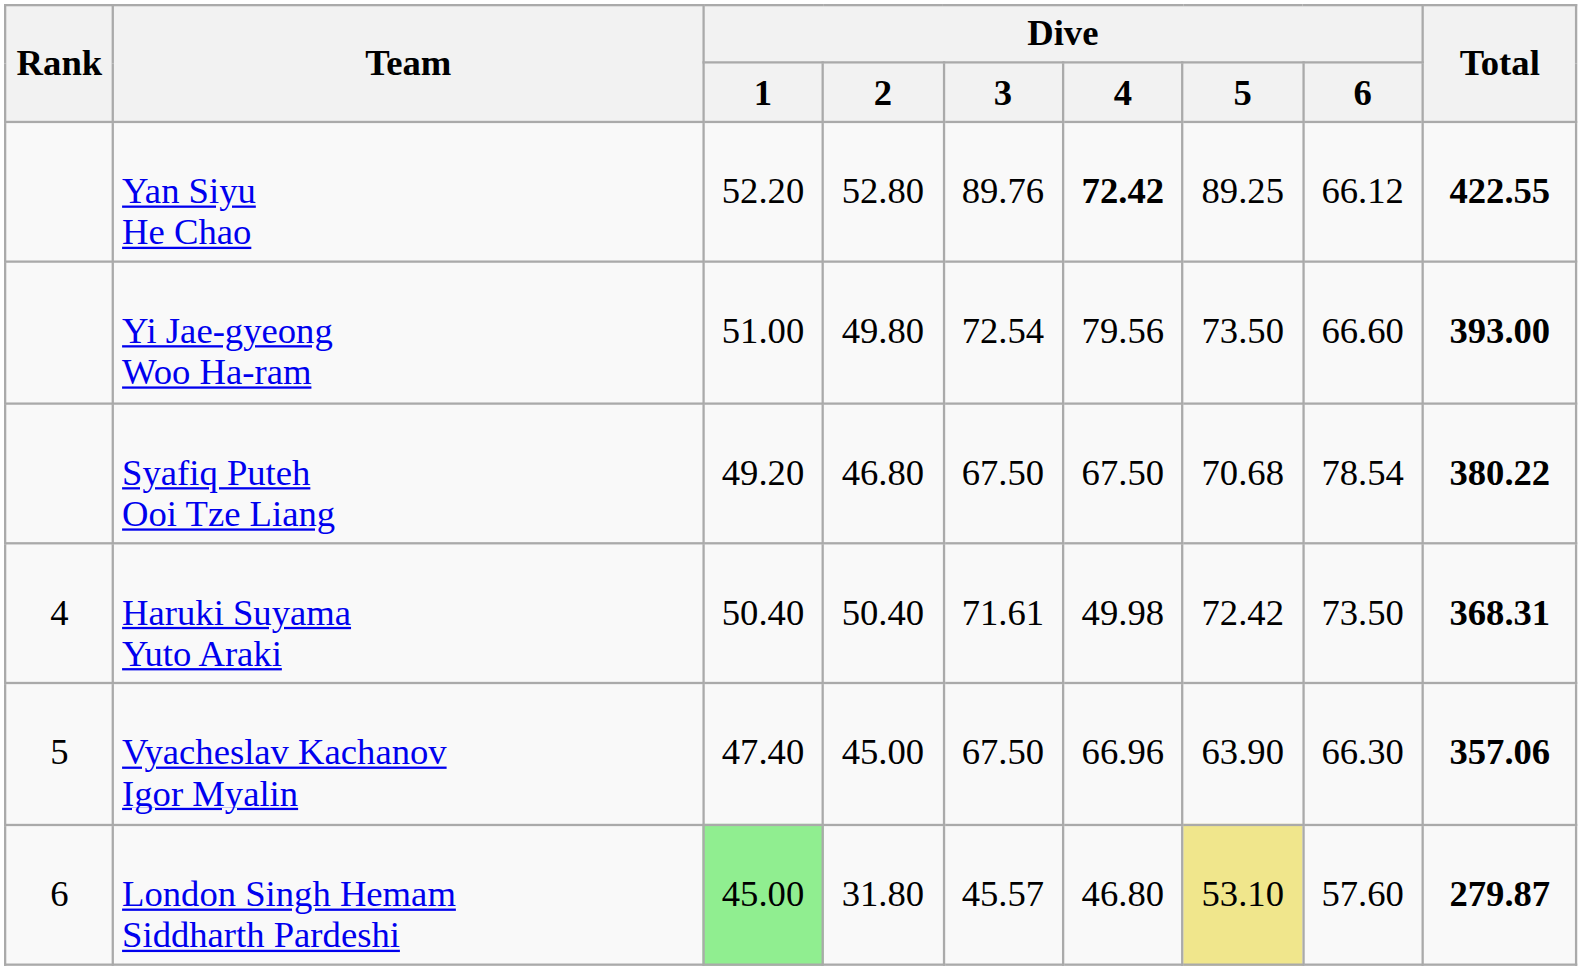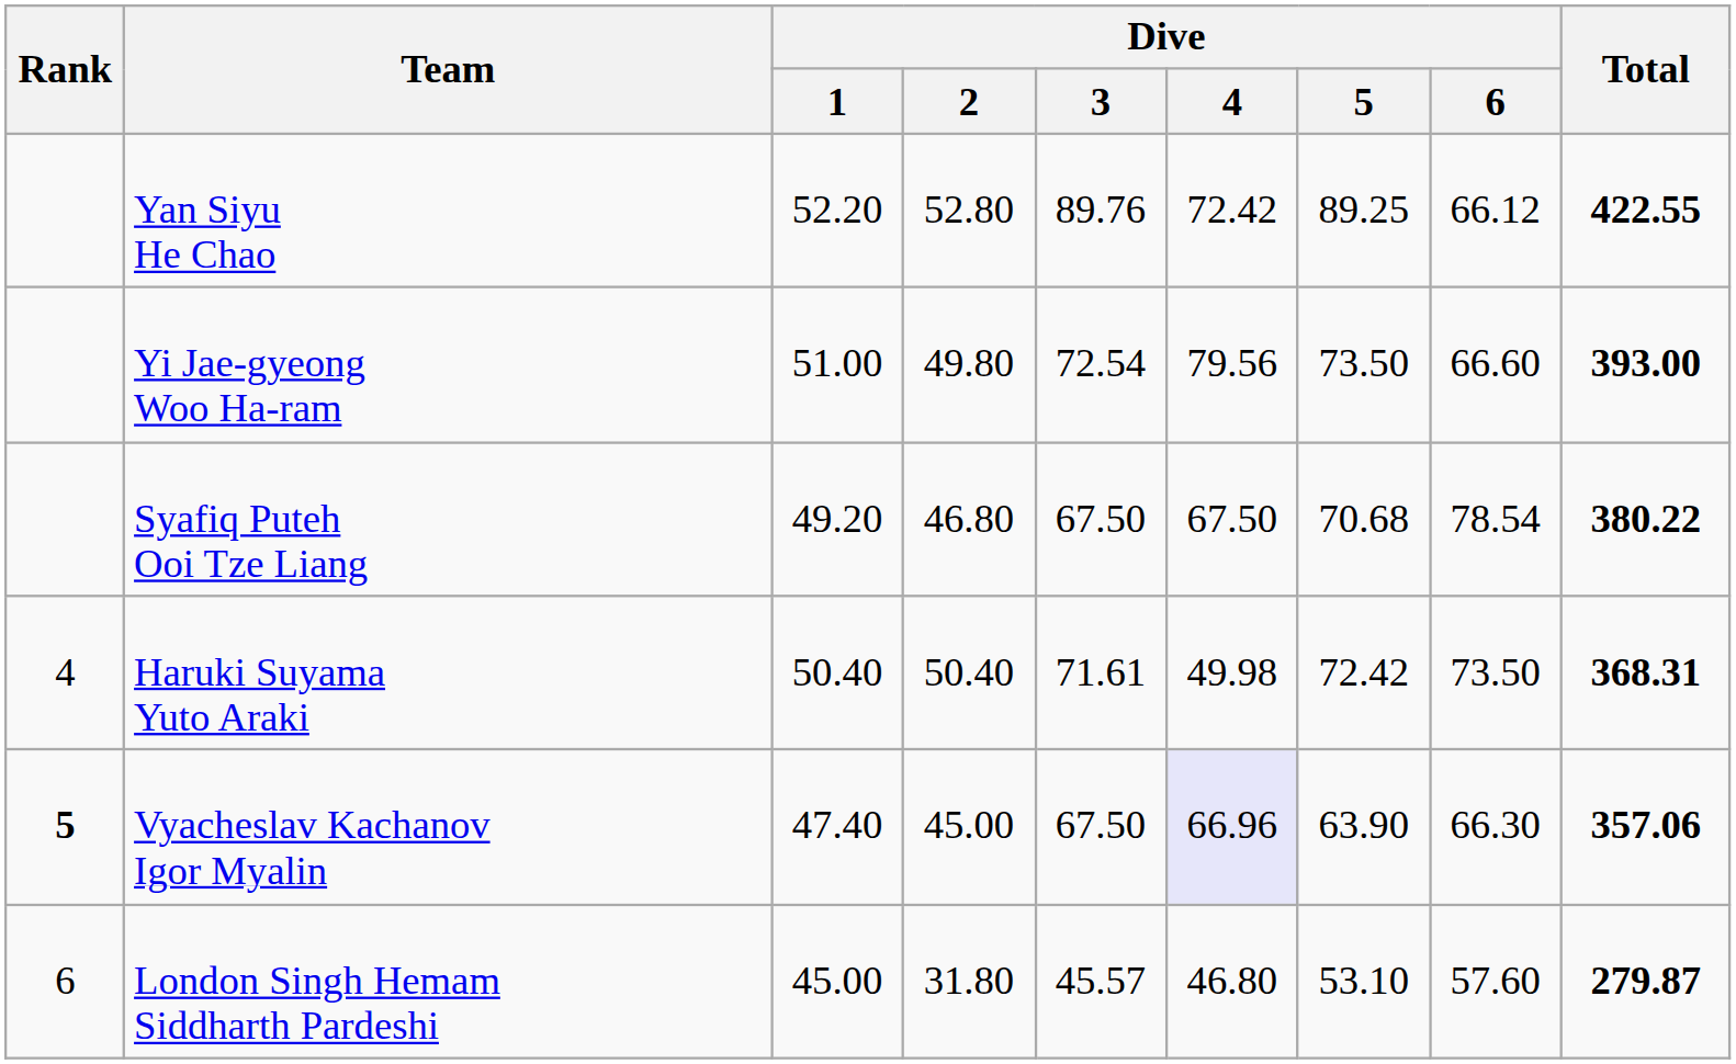 <table class=wikitable style="text-align:center">
 <tr>
 <th rowspan="2" width=40>Rank</th>
 <th rowspan="2" width=250>Team</th>
 <th colspan="6">Dive</th>
 <th rowspan="2" width=60>Total</th>
 </tr>
 <tr>
 <th width=45>1</th>
 <th width=45>2</th>
 <th width=45>3</th>
 <th width=45>4</th>
 <th width=45>5</th>
 <th width=45>6</th>
 </tr>
 <tr>
 <td></td>
 <td align=left><br><a href='#'>Yan Siyu</a><br><a href='#'>He Chao</a></td>
 <td>52.20</td>
 <td>52.80</td>
 <td>89.76</td>
-<td><strong>72.42</strong></td>
+<td>72.42</td>
 <td>89.25</td>
 <td>66.12</td>
 <td><strong>422.55</strong></td>
 </tr>
 <tr>
 <td></td>
 <td align=left><br><a href='#'>Yi Jae-gyeong</a><br><a href='#'>Woo Ha-ram</a></td>
 <td>51.00</td>
 <td>49.80</td>
 <td>72.54</td>
 <td>79.56</td>
 <td>73.50</td>
 <td>66.60</td>
 <td><strong>393.00</strong></td>
 </tr>
 <tr>
 <td></td>
 <td align=left><br><a href='#'>Syafiq Puteh</a><br><a href='#'>Ooi Tze Liang</a></td>
 <td>49.20</td>
 <td>46.80</td>
 <td>67.50</td>
 <td>67.50</td>
 <td>70.68</td>
 <td>78.54</td>
 <td><strong>380.22</strong></td>
 </tr>
 <tr>
 <td>4</td>
 <td align=left><br><a href='#'>Haruki Suyama</a><br><a href='#'>Yuto Araki</a></td>
 <td>50.40</td>
 <td>50.40</td>
 <td>71.61</td>
 <td>49.98</td>
 <td>72.42</td>
 <td>73.50</td>
 <td><strong>368.31</strong></td>
 </tr>
 <tr>
-<td>5</td>
+<td><strong>5</strong></td>
 <td align=left><br><a href='#'>Vyacheslav Kachanov</a><br><a href='#'>Igor Myalin</a></td>
 <td>47.40</td>
 <td>45.00</td>
 <td>67.50</td>
-<td>66.96</td>
+<td style="background: lavender;">66.96</td>
 <td>63.90</td>
 <td>66.30</td>
 <td><strong>357.06</strong></td>
 </tr>
 <tr>
 <td>6</td>
 <td align=left><br><a href='#'>London Singh Hemam</a><br><a href='#'>Siddharth Pardeshi</a></td>
-<td style="background: lightgreen;">45.00</td>
+<td>45.00</td>
 <td>31.80</td>
 <td>45.57</td>
 <td>46.80</td>
-<td style="background: khaki;">53.10</td>
+<td>53.10</td>
 <td>57.60</td>
 <td><strong>279.87</strong></td>
 </tr>
 </table>
